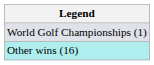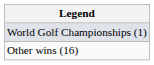 <table class="wikitable" style="font-size:95%;">
 <tr>
 <th>Legend</th>
 </tr>
 <tr style="background:#dfe2e9;">
 <td>World Golf Championships (1)</td>
 </tr>
 <tr>
-<td style="background: paleturquoise;">Other wins (16)</td>
+<td>Other wins (16)</td>
 </tr>
 </table>
